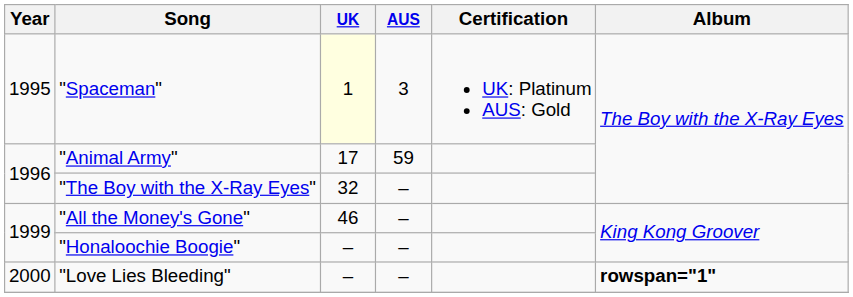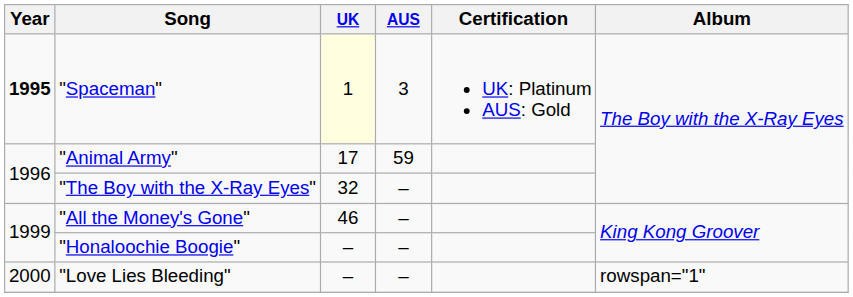 <table class="wikitable">
 <tr>
 <th>Year</th>
 <th>Song</th>
 <th width="40"><small><a href='#'>UK</a><br></small></th>
 <th width="40"><small><a href='#'>AUS</a><br></small></th>
 <th>Certification</th>
 <th>Album</th>
 </tr>
 <tr>
-<td>1995</td>
+<td><strong>1995</strong></td>
 <td>"<a href='#'>Spaceman</a>"</td>
 <td align="center" style="background: lightyellow;">1</td>
 <td align="center">3</td>
 <td><br><ul><li><a href='#'>UK</a>: Platinum</li><li><a href='#'>AUS</a>: Gold</li></ul></td>
 <td rowspan="3"><em><a href='#'>The Boy with the X-Ray Eyes</a></em></td>
 </tr>
 <tr>
 <td rowspan="2">1996</td>
 <td>"<a href='#'>Animal Army</a>"</td>
 <td align="center">17</td>
 <td align="center">59</td>
 <td></td>
 </tr>
 <tr>
 <td>"<a href='#'>The Boy with the X-Ray Eyes</a>"</td>
 <td align="center">32</td>
 <td align="center">–</td>
 <td></td>
 </tr>
 <tr>
 <td rowspan="2">1999</td>
 <td>"<a href='#'>All the Money's Gone</a>"</td>
 <td align="center">46</td>
 <td align="center">–</td>
 <td></td>
 <td rowspan="2"><em><a href='#'>King Kong Groover</a></em></td>
 </tr>
 <tr>
 <td>"<a href='#'>Honaloochie Boogie</a>"</td>
 <td align="center">–</td>
 <td align="center">–</td>
 <td></td>
 </tr>
 <tr>
 <td>2000</td>
 <td>"Love Lies Bleeding"</td>
 <td align="center">–</td>
 <td align="center">–</td>
 <td></td>
-<td><strong>rowspan="1" </strong></td>
+<td>rowspan="1" </td>
 </tr>
 <tr>
 </tr>
 </table>
